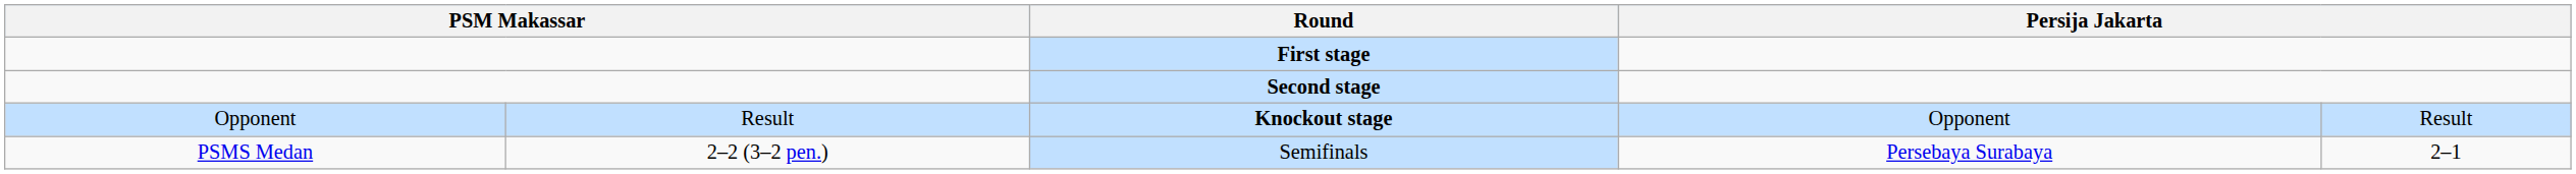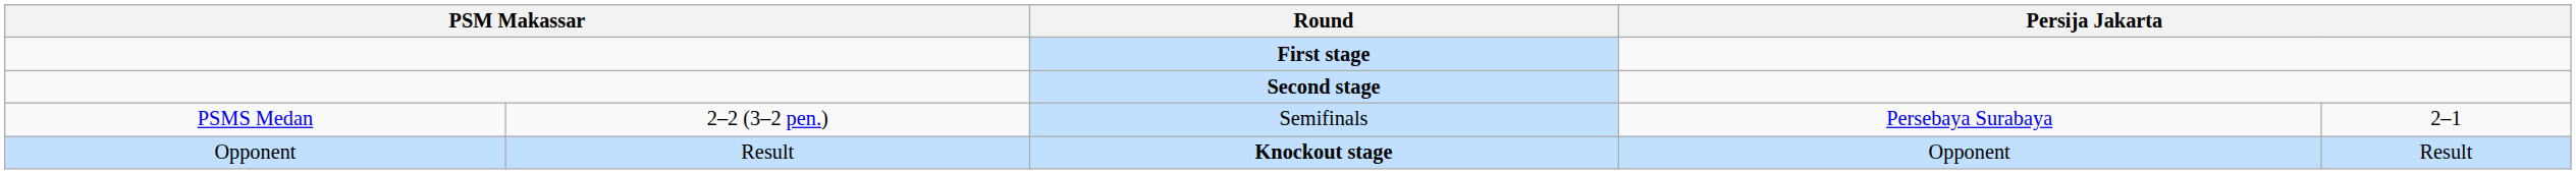 <table class="wikitable" width="100%" style="text-align:center">
 <tr valign=top bgcolor=#c1e0ff>
 <th colspan="2" style="width:1*">PSM Makassar</th>
 <th><strong>Round</strong></th>
 <th colspan="2" style="width:1*">Persija Jakarta</th>
 </tr>
 <tr>
 <td colspan="2" align="center"><br> </td>
 <td bgcolor=#c1e0ff><strong>First stage</strong></td>
 <td colspan="2" align="center"><br></td>
 </tr>
 <tr>
 <td colspan="2" align="center"><br> </td>
 <td bgcolor=#c1e0ff><strong>Second stage</strong></td>
 <td colspan="2" align="center"><br> </td>
 </tr>
+<tr>
+<td><a href='#'>PSMS Medan</a></td>
+<td>2–2 (3–2 <a href='#'>pen.</a>)</td>
+<td bgcolor=#c1e0ff>Semifinals</td>
+<td><a href='#'>Persebaya Surabaya</a></td>
+<td>2–1</td>
+</tr>
 <tr valign=top bgcolor=#c1e0ff>
 <td>Opponent</td>
 <td>Result</td>
 <td bgcolor="#c1e0ff"><strong>Knockout stage</strong></td>
 <td>Opponent</td>
 <td>Result</td>
 </tr>
-<tr>
-<td><a href='#'>PSMS Medan</a></td>
-<td>2–2 (3–2 <a href='#'>pen.</a>)</td>
-<td bgcolor=#c1e0ff>Semifinals</td>
-<td><a href='#'>Persebaya Surabaya</a></td>
-<td>2–1</td>
-</tr>
 </table>
